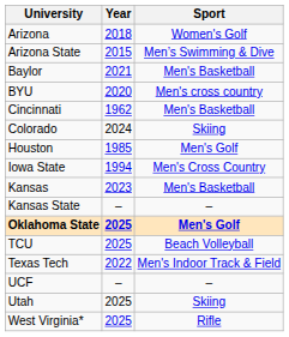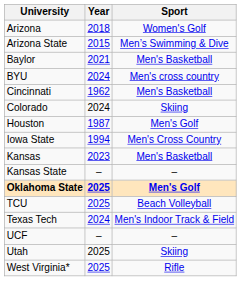 <table class="wikitable sortable">
 <tr>
 <th>University</th>
 <th>Year</th>
 <th>Sport</th>
 </tr>
 <tr>
 <td>Arizona</td>
 <td align="center"><a href='#'>2018</a></td>
 <td align="center"><a href='#'>Women's Golf</a></td>
 </tr>
 <tr>
 <td>Arizona State</td>
 <td align="center"><a href='#'>2015</a></td>
 <td align="center"><a href='#'>Men’s Swimming & Dive</a></td>
 </tr>
 <tr>
 <td>Baylor</td>
 <td align="center"><a href='#'>2021</a></td>
 <td align="center"><a href='#'>Men's Basketball</a></td>
 </tr>
 <tr>
 <td>BYU</td>
-<td align="center"><a href='#'>2020</a></td>
+<td align="center"><a href='#'>2024</a></td>
 <td align="center"><a href='#'>Men's cross country</a></td>
 </tr>
 <tr>
 <td>Cincinnati</td>
 <td align="center"><a href='#'>1962</a></td>
 <td align="center"><a href='#'>Men's Basketball</a></td>
 </tr>
 <tr>
 <td>Colorado</td>
 <td align="center">2024</td>
 <td align="center"><a href='#'>Skiing</a></td>
 </tr>
 <tr>
 <td>Houston</td>
-<td align="center"><a href='#'>1985</a></td>
+<td align="center"><a href='#'>1987</a></td>
 <td align="center"><a href='#'>Men's Golf</a></td>
 </tr>
 <tr>
 <td>Iowa State</td>
 <td align="center"><a href='#'>1994</a></td>
 <td align="center"><a href='#'>Men's Cross Country</a></td>
 </tr>
 <tr>
 <td>Kansas</td>
 <td align="center"><a href='#'>2023</a></td>
 <td align="center"><a href='#'>Men's Basketball</a></td>
 </tr>
 <tr>
 <td>Kansas State</td>
 <td align="center">–</td>
 <td align="center">–</td>
 </tr>
 <tr>
 <th style="background:#FFE6BD">Oklahoma State</th>
 <th style="background:#FFE6BD"><a href='#'>2025</a></th>
 <th style="background:#FFE6BD"><a href='#'>Men's Golf</a></th>
 </tr>
 <tr>
 <td>TCU</td>
 <td align="center"><a href='#'>2025</a></td>
 <td align="center"><a href='#'>Beach Volleyball</a></td>
 </tr>
 <tr>
 <td>Texas Tech</td>
-<td align="center"><a href='#'>2022</a></td>
+<td align="center"><a href='#'>2024</a></td>
 <td align="center"><a href='#'>Men's Indoor Track & Field</a></td>
 </tr>
 <tr>
 <td>UCF</td>
 <td align="center">–</td>
 <td align="center">–</td>
 </tr>
 <tr>
 <td>Utah</td>
 <td align="center">2025</td>
 <td align="center"><a href='#'>Skiing</a></td>
 </tr>
 <tr>
 <td>West Virginia*</td>
 <td align="center"><a href='#'>2025</a></td>
 <td align="center"><a href='#'>Rifle</a></td>
 </tr>
 </table>
